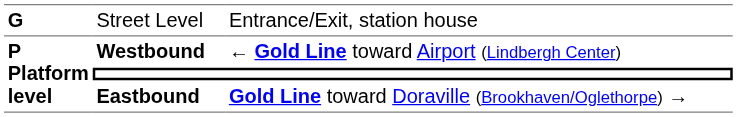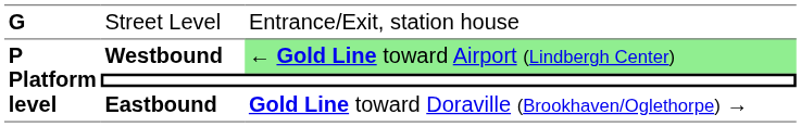 <table table border=0 cellspacing=0 cellpadding=3>
 <tr>
 <td style="border-top:solid 1px gray;" width=50 valign=top><strong>G</strong></td>
 <td style="border-top:solid 1px gray;" width=100 valign=top>Street Level</td>
 <td style="border-top:solid 1px gray;" width=400 valign=top>Entrance/Exit, station house</td>
 </tr>
 <tr>
 <td style="border-top:solid 1px gray;border-bottom:solid 1px gray;" width=50 rowspan=3 valign=top><strong>P<br>Platform level</strong></td>
 <td style="border-top:solid 1px gray;" width=100><strong>Westbound</strong></td>
-<td style="border-top:solid 1px gray;" width=400>← <a href='#'><span><strong>Gold Line</strong></span></a> toward <a href='#'>Airport</a> <small>(<a href='#'>Lindbergh Center</a>)</small></td>
+<td style="background: lightgreen; border-top:solid 1px gray;" width=400>← <a href='#'><span><strong>Gold Line</strong></span></a> toward <a href='#'>Airport</a> <small>(<a href='#'>Lindbergh Center</a>)</small></td>
 </tr>
 <tr>
 <td style="border-top:solid 2px black;border-right:solid 2px black;border-left:solid 2px black;border-bottom:solid 2px black;text-align:center;" colspan=2></td>
 </tr>
 <tr>
 <td style="border-bottom:solid 1px gray;"><strong>Eastbound</strong></td>
 <td style="border-bottom:solid 1px gray;"> <a href='#'><span><strong>Gold Line</strong></span></a> toward <a href='#'>Doraville</a> <small>(<a href='#'>Brookhaven/Oglethorpe</a>)</small> →</td>
 </tr>
 </table>
